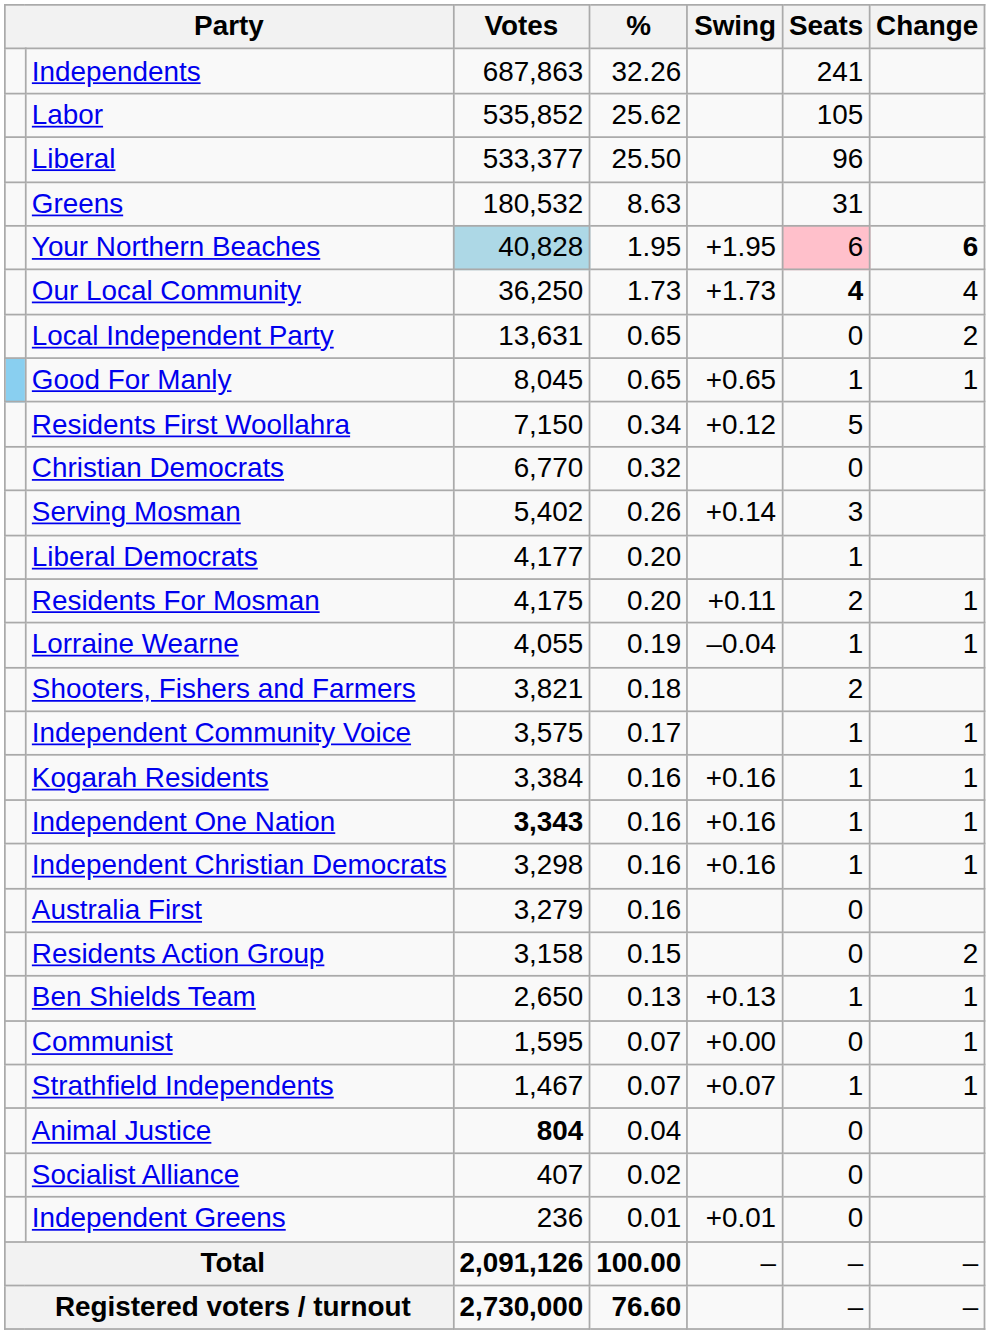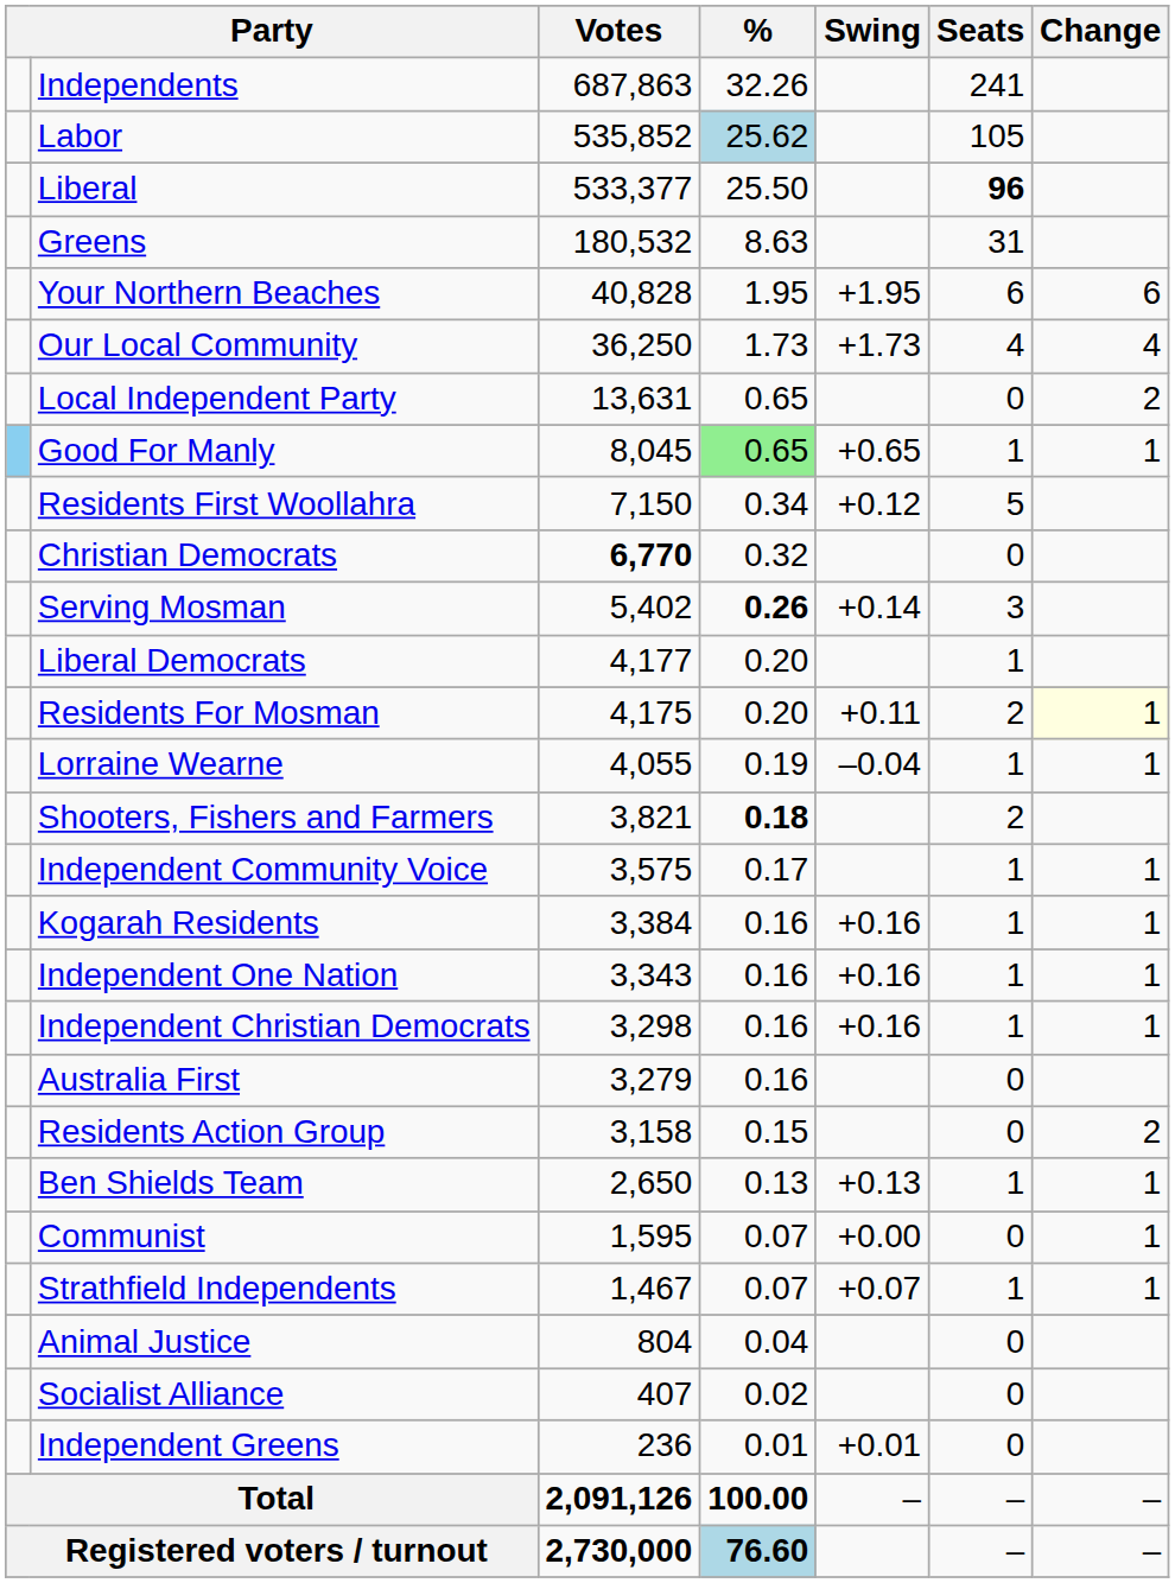 <table class="wikitable" style="text-align:right; margin-bottom:0">
 <tr>
 <th style="width:10px;" colspan=3>Party</th>
 <th style="width:70px;">Votes</th>
 <th style="width:40px;">%</th>
 <th style="width:40px;">Swing</th>
 <th style="width:40px;">Seats</th>
 <th style="width:40px;">Change</th>
 </tr>
 <tr>
 <td> </td>
 <td style="text-align:left;" colspan="2"><a href='#'>Independents</a></td>
 <td>687,863</td>
 <td>32.26</td>
 <td></td>
 <td>241</td>
 <td></td>
 </tr>
 <tr>
 <td> </td>
 <td style="text-align:left;" colspan="2"><a href='#'>Labor</a></td>
 <td style="width:70px;">535,852</td>
-<td style="width:45px;">25.62</td>
+<td style="background: lightblue; width:45px;">25.62</td>
 <td style="width:45px;"></td>
 <td style="width:40px;">105</td>
 <td style="width:55px;"></td>
 </tr>
 <tr>
 <td> </td>
 <td style="text-align:left;" colspan="2"><a href='#'>Liberal</a></td>
 <td>533,377</td>
 <td>25.50</td>
 <td></td>
-<td>96</td>
+<td><strong>96</strong></td>
 <td></td>
 </tr>
 <tr>
 <td> </td>
 <td style="text-align:left;" colspan="2"><a href='#'>Greens</a></td>
 <td>180,532</td>
 <td>8.63</td>
 <td></td>
 <td>31</td>
 <td></td>
 </tr>
 <tr>
 <td> </td>
 <td style="text-align:left;" colspan="2"><a href='#'>Your Northern Beaches</a></td>
-<td style="background: lightblue;">40,828</td>
+<td>40,828</td>
 <td>1.95</td>
 <td>+1.95</td>
-<td style="background: pink;">6</td>
-<td><strong> 6</strong></td>
+<td>6</td>
+<td> 6</td>
 </tr>
 <tr>
 <td> </td>
 <td style="text-align:left;" colspan="2"><a href='#'>Our Local Community</a></td>
 <td>36,250</td>
 <td>1.73</td>
 <td>+1.73</td>
-<td><strong>4</strong></td>
+<td>4</td>
 <td> 4</td>
 </tr>
 <tr>
 <td> </td>
 <td style="text-align:left;" colspan="2"><a href='#'>Local Independent Party</a></td>
 <td>13,631</td>
 <td>0.65</td>
 <td></td>
 <td>0</td>
 <td> 2</td>
 </tr>
 <tr>
 <td bgcolor="#89CFF0"> </td>
 <td style="text-align:left;" colspan="2"><a href='#'>Good For Manly</a></td>
 <td>8,045</td>
-<td>0.65</td>
+<td style="background: lightgreen;">0.65</td>
 <td>+0.65</td>
 <td>1</td>
 <td> 1</td>
 </tr>
 <tr>
 <td> </td>
 <td style="text-align:left;" colspan="2"><a href='#'>Residents First Woollahra</a></td>
 <td>7,150</td>
 <td>0.34</td>
 <td>+0.12</td>
 <td>5</td>
 <td></td>
 </tr>
 <tr>
 <td> </td>
 <td style="text-align:left;" colspan="2"><a href='#'>Christian Democrats</a></td>
-<td>6,770</td>
+<td><strong>6,770</strong></td>
 <td>0.32</td>
 <td></td>
 <td>0</td>
 <td></td>
 </tr>
 <tr>
 <td> </td>
 <td style="text-align:left;" colspan="2"><a href='#'>Serving Mosman</a></td>
 <td>5,402</td>
-<td>0.26</td>
+<td><strong>0.26</strong></td>
 <td>+0.14</td>
 <td>3</td>
 <td></td>
 </tr>
 <tr>
 <td> </td>
 <td style="text-align:left;" colspan="2"><a href='#'>Liberal Democrats</a></td>
 <td>4,177</td>
 <td>0.20</td>
 <td></td>
 <td>1</td>
 <td></td>
 </tr>
 <tr>
 <td> </td>
 <td style="text-align:left;" colspan="2"><a href='#'>Residents For Mosman</a></td>
 <td>4,175</td>
 <td>0.20</td>
 <td>+0.11</td>
 <td>2</td>
-<td> 1</td>
+<td style="background: lightyellow;"> 1</td>
 </tr>
 <tr>
 <td> </td>
 <td style="text-align:left;" colspan="2"><a href='#'>Lorraine Wearne</a></td>
 <td>4,055</td>
 <td>0.19</td>
 <td>–0.04</td>
 <td>1</td>
 <td> 1</td>
 </tr>
 <tr>
 <td> </td>
 <td style="text-align:left;" colspan="2"><a href='#'>Shooters, Fishers and Farmers</a></td>
 <td>3,821</td>
-<td>0.18</td>
+<td><strong>0.18</strong></td>
 <td></td>
 <td>2</td>
 <td></td>
 </tr>
 <tr>
 <td> </td>
 <td style="text-align:left;" colspan="2"><a href='#'>Independent Community Voice</a></td>
 <td>3,575</td>
 <td>0.17</td>
 <td></td>
 <td>1</td>
 <td> 1</td>
 </tr>
 <tr>
 <td> </td>
 <td style="text-align:left;" colspan="2"><a href='#'>Kogarah Residents</a></td>
 <td>3,384</td>
 <td>0.16</td>
 <td>+0.16</td>
 <td>1</td>
 <td> 1</td>
 </tr>
 <tr>
 <td> </td>
 <td style="text-align:left;" colspan="2"><a href='#'>Independent One Nation</a></td>
-<td><strong>3,343</strong></td>
+<td>3,343</td>
 <td>0.16</td>
 <td>+0.16</td>
 <td>1</td>
 <td> 1</td>
 </tr>
 <tr>
 <td> </td>
 <td style="text-align:left;" colspan="2"><a href='#'>Independent Christian Democrats</a></td>
 <td>3,298</td>
 <td>0.16</td>
 <td>+0.16</td>
 <td>1</td>
 <td> 1</td>
 </tr>
 <tr>
 <td> </td>
 <td style="text-align:left;" colspan="2"><a href='#'>Australia First</a></td>
 <td>3,279</td>
 <td>0.16</td>
 <td></td>
 <td>0</td>
 <td></td>
 </tr>
 <tr>
 <td> </td>
 <td style="text-align:left;" colspan="2"><a href='#'>Residents Action Group</a></td>
 <td>3,158</td>
 <td>0.15</td>
 <td></td>
 <td>0</td>
 <td> 2</td>
 </tr>
 <tr>
 <td> </td>
 <td style="text-align:left;" colspan="2"><a href='#'>Ben Shields Team</a></td>
 <td>2,650</td>
 <td>0.13</td>
 <td>+0.13</td>
 <td>1</td>
 <td> 1</td>
 </tr>
 <tr>
 <td> </td>
 <td style="text-align:left;" colspan="2"><a href='#'>Communist</a></td>
 <td>1,595</td>
 <td>0.07</td>
 <td>+0.00</td>
 <td>0</td>
 <td> 1</td>
 </tr>
 <tr>
 <td> </td>
 <td style="text-align:left;" colspan="2"><a href='#'>Strathfield Independents</a></td>
 <td>1,467</td>
 <td>0.07</td>
 <td>+0.07</td>
 <td>1</td>
 <td> 1</td>
 </tr>
 <tr>
 <td> </td>
 <td style="text-align:left;" colspan="2"><a href='#'>Animal Justice</a></td>
-<td><strong>804</strong></td>
+<td>804</td>
 <td>0.04</td>
 <td></td>
 <td>0</td>
 <td></td>
 </tr>
 <tr>
 <td> </td>
 <td style="text-align:left;" colspan="2"><a href='#'>Socialist Alliance</a></td>
 <td>407</td>
 <td>0.02</td>
 <td></td>
 <td>0</td>
 <td></td>
 </tr>
 <tr>
 <td> </td>
 <td style="text-align:left;" colspan="2"><a href='#'>Independent Greens</a></td>
 <td>236</td>
 <td>0.01</td>
 <td>+0.01</td>
 <td>0</td>
 <td></td>
 </tr>
 <tr>
 <th colspan="3"> Total</th>
 <td><strong>2,091,126</strong></td>
 <td><strong>100.00</strong></td>
 <td>–</td>
 <td>–</td>
 <td>–</td>
 </tr>
 <tr>
 <th colspan="3"> Registered voters / turnout</th>
 <td><strong>2,730,000</strong></td>
-<td><strong>76.60</strong></td>
+<td style="background: lightblue;"><strong>76.60</strong></td>
 <td></td>
 <td>–</td>
 <td>–</td>
 </tr>
 </table>
